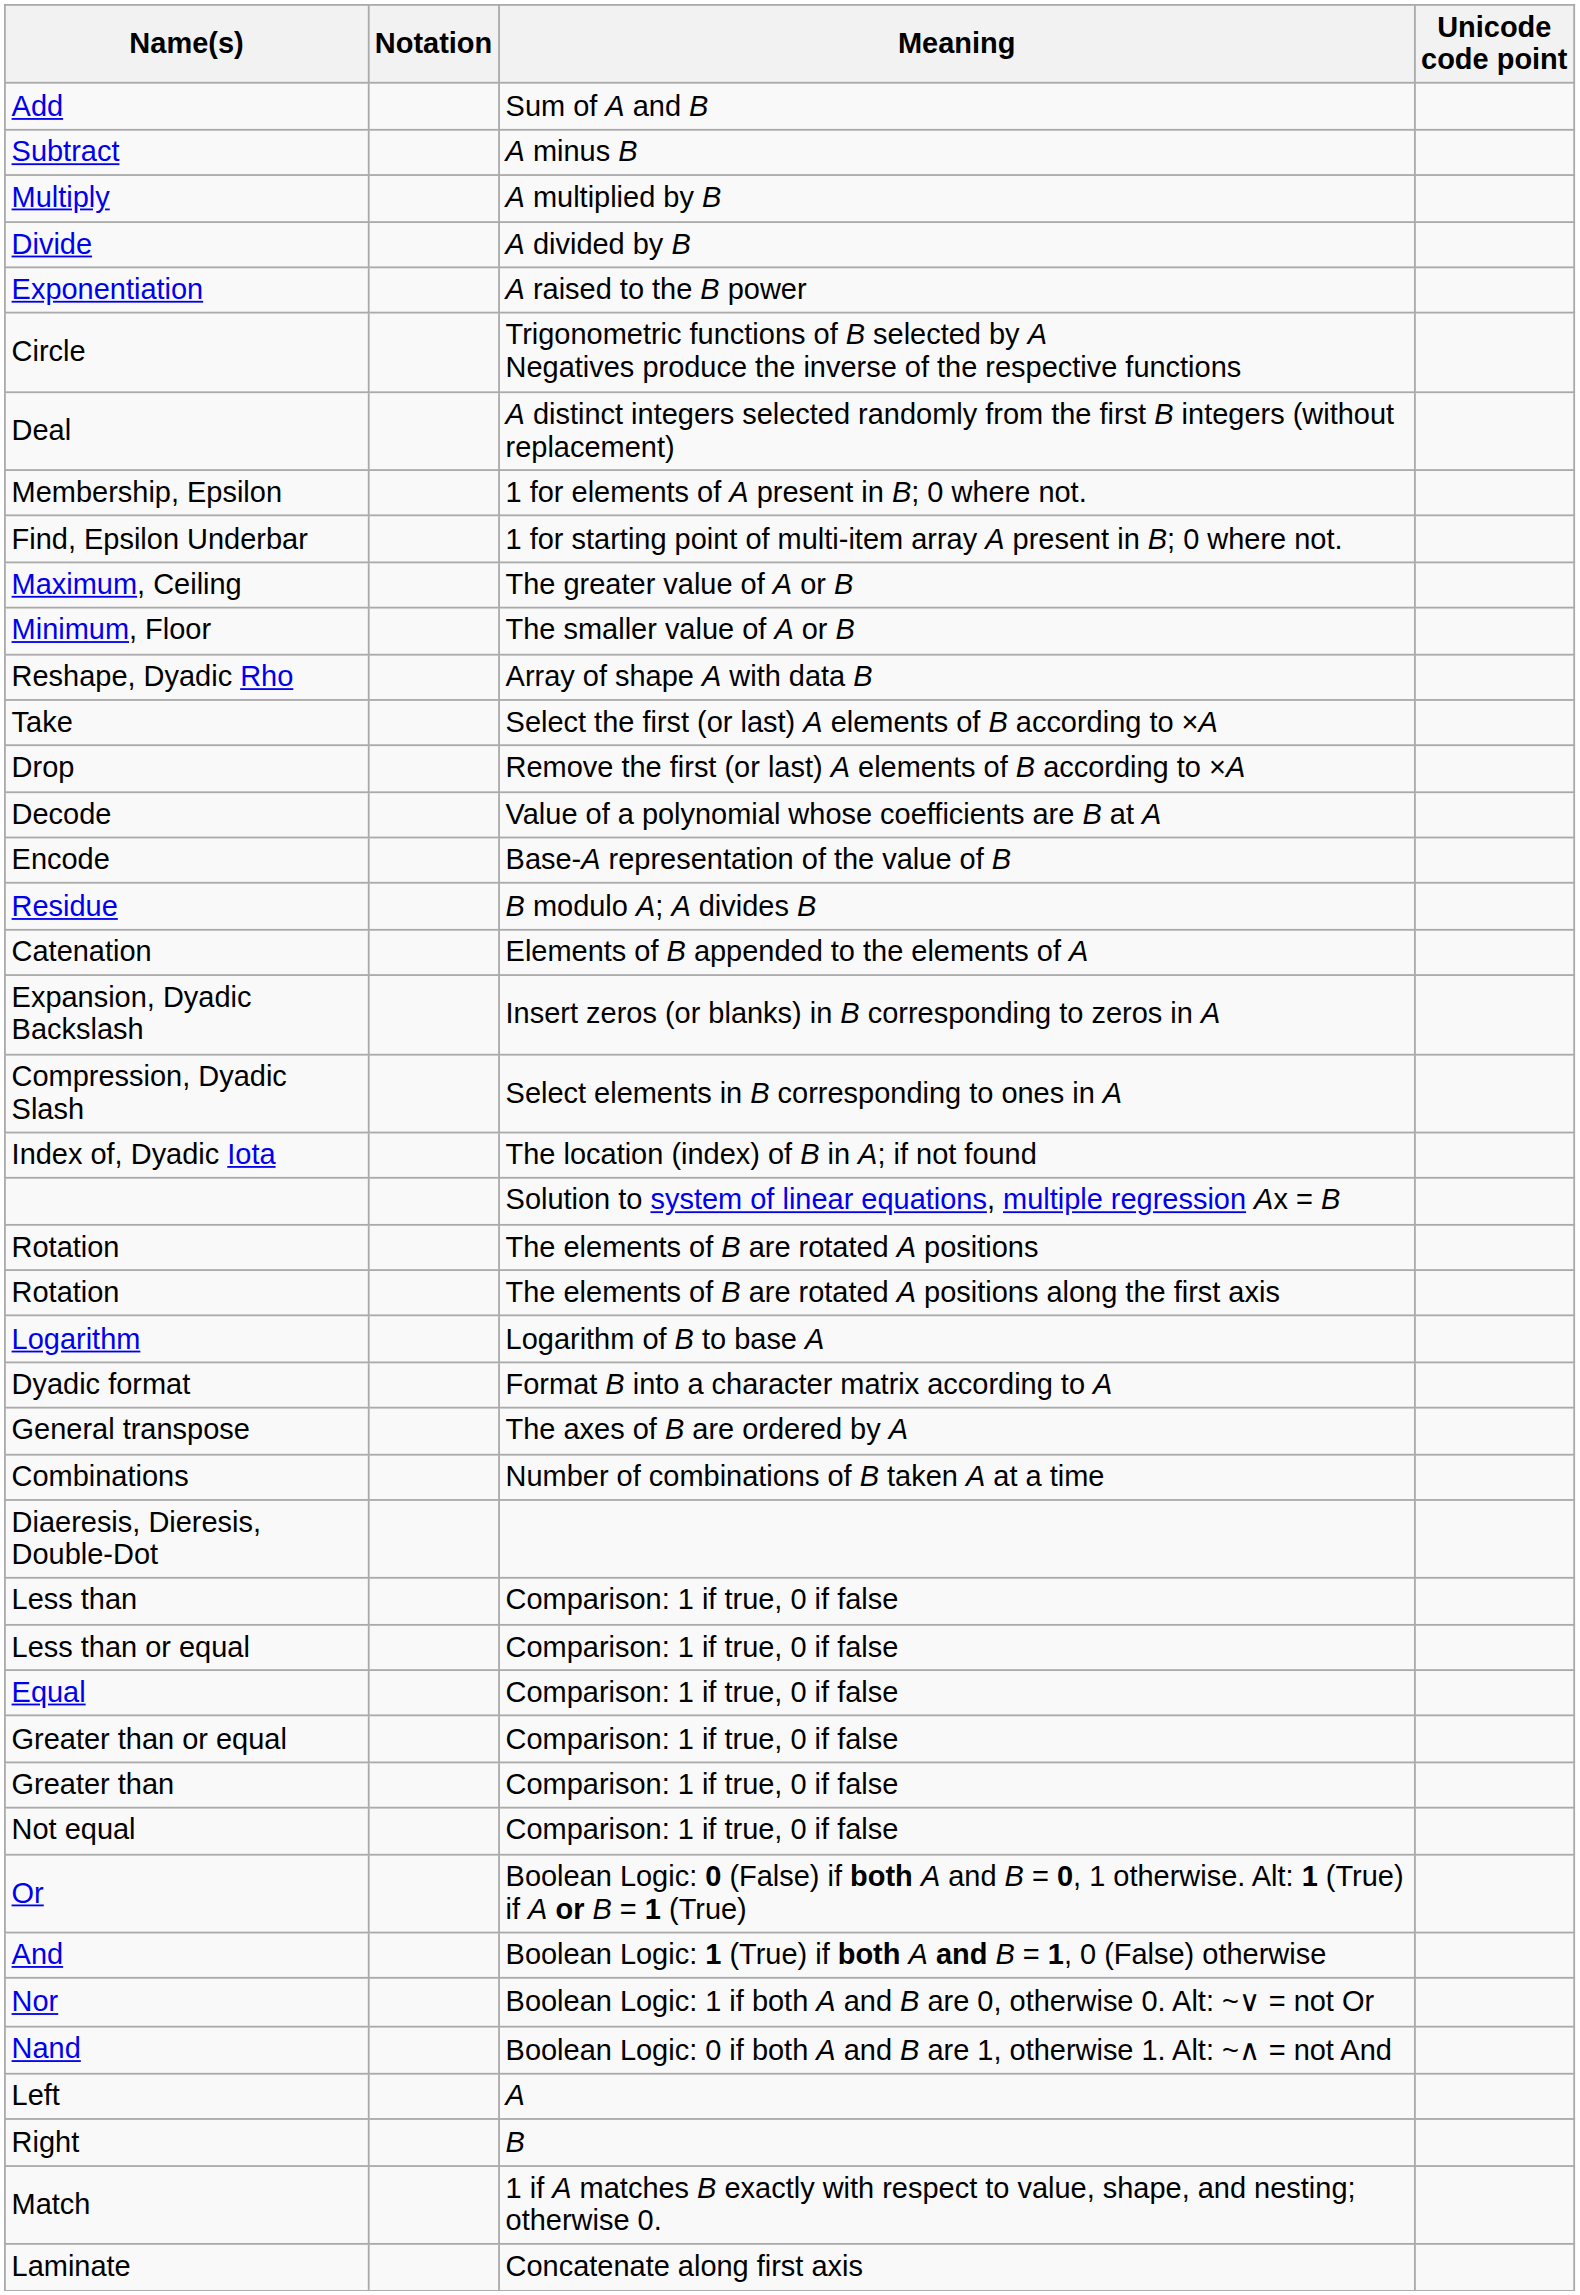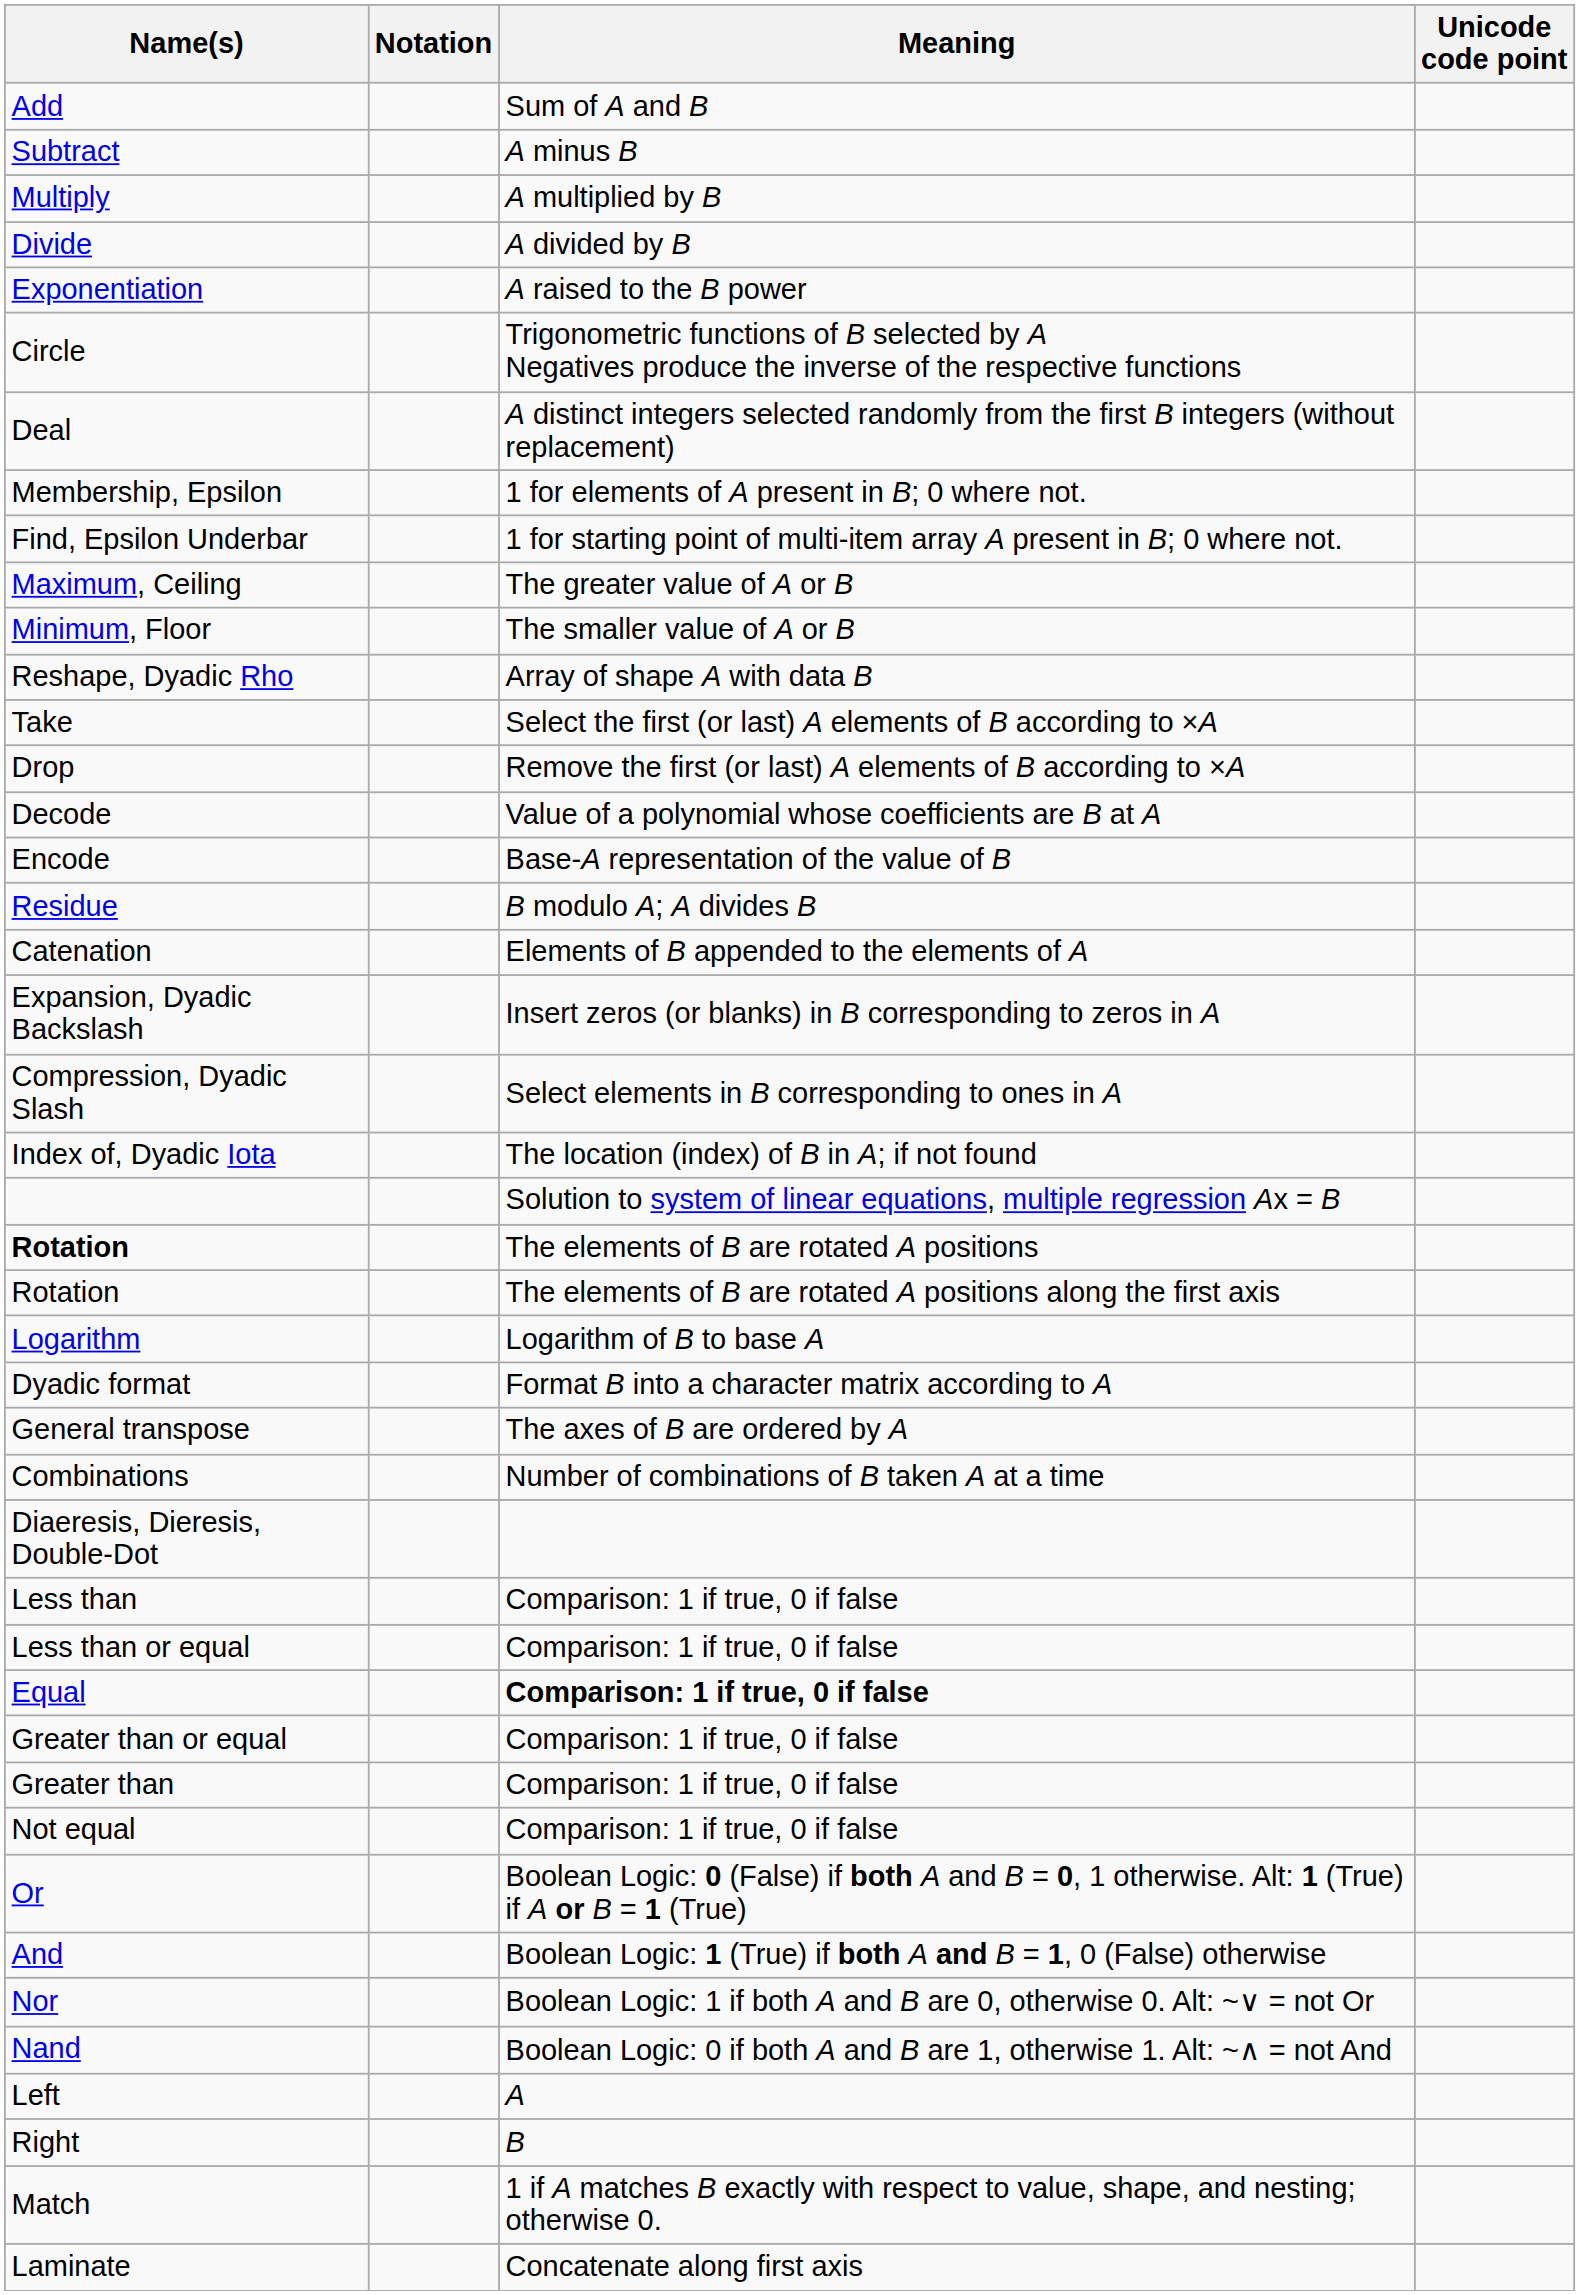 <table class="wikitable sortable">
 <tr>
 <th>Name(s)</th>
 <th>Notation</th>
 <th>Meaning</th>
 <th>Unicode<br>code point</th>
 </tr>
 <tr>
 <td><a href='#'>Add</a></td>
 <td class="Unicode" style="text-align:center;"></td>
 <td>Sum of <em>A</em> and <em>B</em></td>
 <td></td>
 </tr>
 <tr>
 <td><a href='#'>Subtract</a></td>
 <td class="Unicode" style="text-align:center;"></td>
 <td><em>A</em> minus <em>B</em></td>
 <td></td>
 </tr>
 <tr>
 <td><a href='#'>Multiply</a></td>
 <td class="Unicode" style="text-align:center;"></td>
 <td><em>A</em> multiplied by <em>B</em></td>
 <td></td>
 </tr>
 <tr>
 <td><a href='#'>Divide</a></td>
 <td class="Unicode" style="text-align:center;"></td>
 <td><em>A</em> divided by <em>B</em></td>
 <td></td>
 </tr>
 <tr>
 <td><a href='#'>Exponentiation</a></td>
 <td class="Unicode" style="text-align:center;"></td>
 <td><em>A</em> raised to the <em>B</em> power</td>
 <td></td>
 </tr>
 <tr>
 <td>Circle</td>
 <td class="Unicode" style="text-align:center;"></td>
 <td>Trigonometric functions of <em>B</em> selected by <em>A</em><br>Negatives produce the inverse of the respective functions</td>
 <td></td>
 </tr>
 <tr>
 <td>Deal</td>
 <td class="Unicode" style="text-align:center;"></td>
 <td><em>A</em> distinct integers selected randomly from the first <em>B</em> integers (without replacement)</td>
 <td></td>
 </tr>
 <tr>
 <td>Membership, Epsilon</td>
 <td class="Unicode" style="text-align:center;"></td>
 <td>1 for elements of <em>A</em> present in <em>B</em>; 0 where not.</td>
 <td></td>
 </tr>
 <tr>
 <td>Find, Epsilon Underbar</td>
 <td class="Unicode" style="text-align:center;"></td>
 <td>1 for starting point of multi-item array <em>A</em> present in <em>B</em>; 0 where not.</td>
 <td></td>
 </tr>
 <tr>
 <td><a href='#'>Maximum</a>, Ceiling</td>
 <td class="Unicode" style="text-align:center;"></td>
 <td>The greater value of <em>A</em> or <em>B</em></td>
 <td></td>
 </tr>
 <tr>
 <td><a href='#'>Minimum</a>, Floor</td>
 <td class="Unicode" style="text-align:center;"></td>
 <td>The smaller value of <em>A</em> or <em>B</em></td>
 <td></td>
 </tr>
 <tr>
 <td>Reshape, Dyadic <a href='#'>Rho</a></td>
 <td class="Unicode" style="text-align:center;"></td>
 <td>Array of shape <em>A</em> with data <em>B</em></td>
 <td></td>
 </tr>
 <tr>
 <td>Take</td>
 <td class="Unicode" style="text-align:center;"></td>
 <td>Select the first (or last) <em>A</em> elements of <em>B</em> according to ×<em>A</em></td>
 <td></td>
 </tr>
 <tr>
 <td>Drop</td>
 <td class="Unicode" style="text-align:center;"></td>
 <td>Remove the first (or last) <em>A</em> elements of <em>B</em> according to ×<em>A</em></td>
 <td></td>
 </tr>
 <tr>
 <td>Decode</td>
 <td class="Unicode" style="text-align:center;"></td>
 <td>Value of a polynomial whose coefficients are <em>B</em> at <em>A</em></td>
 <td></td>
 </tr>
 <tr>
 <td>Encode</td>
 <td class="Unicode" style="text-align:center;"></td>
 <td>Base-<em>A</em> representation of the value of <em>B</em></td>
 <td></td>
 </tr>
 <tr>
 <td><a href='#'>Residue</a></td>
 <td class="Unicode" style="text-align:center;"></td>
 <td><em>B</em> modulo <em>A</em>; <em>A</em> divides <em>B</em></td>
 <td></td>
 </tr>
 <tr>
 <td>Catenation</td>
 <td class="Unicode" style="text-align:center;"></td>
 <td>Elements of <em>B</em> appended to the elements of <em>A</em></td>
 <td></td>
 </tr>
 <tr>
 <td>Expansion, Dyadic Backslash</td>
 <td class="Unicode" style="text-align:center;"></td>
 <td>Insert zeros (or blanks) in <em>B</em> corresponding to zeros in <em>A</em></td>
 <td></td>
 </tr>
 <tr>
 <td>Compression, Dyadic Slash</td>
 <td class="Unicode" style="text-align:center;"></td>
 <td>Select elements in <em>B</em> corresponding to ones in <em>A</em></td>
 <td></td>
 </tr>
 <tr>
 <td>Index of, Dyadic <a href='#'>Iota</a></td>
 <td class="Unicode" style="text-align:center;"></td>
 <td>The location (index) of <em>B</em> in <em>A</em>;  if not found</td>
 <td></td>
 </tr>
 <tr>
 <td></td>
 <td class="Unicode" style="text-align:center;"></td>
 <td>Solution to <a href='#'>system of linear equations</a>, <a href='#'>multiple regression</a> <em>A</em>x = <em>B</em></td>
 <td></td>
 </tr>
 <tr>
-<td>Rotation</td>
+<td><strong>Rotation</strong></td>
 <td class="Unicode" style="text-align:center;"></td>
 <td>The elements of <em>B</em> are rotated <em>A</em> positions</td>
 <td></td>
 </tr>
 <tr>
 <td>Rotation</td>
 <td class="Unicode" style="text-align:center;"></td>
 <td>The elements of <em>B</em> are rotated <em>A</em> positions along the first axis</td>
 <td></td>
 </tr>
 <tr>
 <td><a href='#'>Logarithm</a></td>
 <td class="Unicode" style="text-align:center;"></td>
 <td>Logarithm of <em>B</em> to base <em>A</em></td>
 <td></td>
 </tr>
 <tr>
 <td>Dyadic format</td>
 <td class="Unicode" style="text-align:center;"></td>
 <td>Format <em>B</em> into a character matrix according to <em>A</em></td>
 <td></td>
 </tr>
 <tr>
 <td>General transpose</td>
 <td class="Unicode" style="text-align:center;"></td>
 <td>The axes of <em>B</em> are ordered by <em>A</em></td>
 <td></td>
 </tr>
 <tr>
 <td>Combinations</td>
 <td class="Unicode" style="text-align:center;"></td>
 <td>Number of combinations of <em>B</em> taken <em>A</em> at a time</td>
 <td></td>
 </tr>
 <tr>
 <td>Diaeresis, Dieresis, Double-Dot</td>
 <td class="Unicode" style="text-align:center;"></td>
 <td></td>
 <td></td>
 </tr>
 <tr>
 <td>Less than</td>
 <td class="Unicode" style="text-align:center;"></td>
 <td>Comparison: 1 if true, 0 if false</td>
 <td></td>
 </tr>
 <tr>
 <td>Less than or equal</td>
 <td class="Unicode" style="text-align:center;"></td>
 <td>Comparison: 1 if true, 0 if false</td>
 <td></td>
 </tr>
 <tr>
 <td><a href='#'>Equal</a></td>
 <td class="Unicode" style="text-align:center;"></td>
-<td>Comparison: 1 if true, 0 if false</td>
+<td><strong>Comparison: 1 if true, 0 if false</strong></td>
 <td></td>
 </tr>
 <tr>
 <td>Greater than or equal</td>
 <td class="Unicode" style="text-align:center;"></td>
 <td>Comparison: 1 if true, 0 if false</td>
 <td></td>
 </tr>
 <tr>
 <td>Greater than</td>
 <td class="Unicode" style="text-align:center;"></td>
 <td>Comparison: 1 if true, 0 if false</td>
 <td></td>
 </tr>
 <tr>
 <td>Not equal</td>
 <td class="Unicode" style="text-align:center;"></td>
 <td>Comparison: 1 if true, 0 if false</td>
 <td></td>
 </tr>
 <tr>
 <td><a href='#'>Or</a></td>
 <td class="Unicode" style="text-align:center;"></td>
 <td>Boolean Logic: <strong>0</strong> (False) if <strong>both</strong> <em>A</em> and <em>B</em> = <strong>0</strong>, 1 otherwise. Alt: <strong>1</strong> (True) if <em>A</em> <strong>or</strong> <em>B</em> = <strong>1</strong> (True)</td>
 <td></td>
 </tr>
 <tr>
 <td><a href='#'>And</a></td>
 <td class="Unicode" style="text-align:center;"></td>
 <td>Boolean Logic: <strong>1</strong> (True) if <strong>both</strong> <em>A</em> <strong>and</strong> <em>B</em> = <strong>1</strong>, 0 (False) otherwise</td>
 <td></td>
 </tr>
 <tr>
 <td><a href='#'>Nor</a></td>
 <td class="Unicode" style="text-align:center;"></td>
 <td>Boolean Logic: 1 if both <em>A</em> and <em>B</em> are 0, otherwise 0. Alt: ~∨ = not Or</td>
 <td></td>
 </tr>
 <tr>
 <td><a href='#'>Nand</a></td>
 <td class="Unicode" style="text-align:center;"></td>
 <td>Boolean Logic: 0 if both <em>A</em> and <em>B</em> are 1, otherwise 1. Alt: ~∧ = not And</td>
 <td></td>
 </tr>
 <tr>
 <td>Left</td>
 <td class="Unicode" style="text-align:center;"></td>
 <td><em>A</em></td>
 <td></td>
 </tr>
 <tr>
 <td>Right</td>
 <td class="Unicode" style="text-align:center;"></td>
 <td><em>B</em></td>
 <td></td>
 </tr>
 <tr>
 <td>Match</td>
 <td class="Unicode" style="text-align:center;"></td>
 <td>1 if <em>A</em> matches <em>B</em> exactly with respect to value, shape, and nesting; otherwise 0.</td>
 <td></td>
 </tr>
 <tr>
 <td>Laminate</td>
 <td class="Unicode" style="text-align:center;"></td>
 <td>Concatenate along first axis</td>
 <td></td>
 </tr>
 </table>
